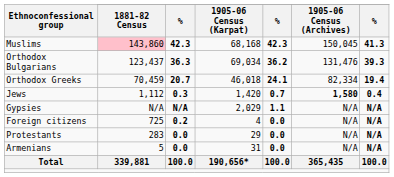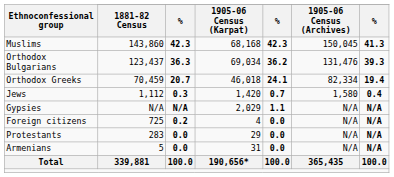 <table class="wikitable sortable" style="text-align:center;">
 <tr>
 <th rowspan="2" style="width:105pt;">Ethnoconfessional group</th>
 </tr>
 <tr>
 <th style="width:75pt;">1881-82 Census</th>
 <th style="width:8pt;">%</th>
 <th style="width:75pt;">1905-06 Census (Karpat)</th>
 <th style="width:8pt;">%</th>
 <th style="width:75pt;">1905-06 Census (Archives)</th>
 <th style="width:8pt;">%</th>
 </tr>
 <tr>
 <td align="left">Muslims</td>
-<td align="right" style="background: pink;">143,860</td>
+<td align="right">143,860</td>
 <td><strong>42.3</strong></td>
 <td align="right">68,168</td>
 <td><strong>42.3</strong></td>
 <td align="right">150,045</td>
 <td><strong>41.3</strong></td>
 </tr>
 <tr>
 <td align="left">Orthodox Bulgarians</td>
 <td align="right">123,437</td>
 <td><strong>36.3</strong></td>
 <td align="right">69,034</td>
 <td><strong>36.2</strong></td>
 <td align="right">131,476</td>
 <td><strong>39.3</strong></td>
 </tr>
 <tr>
 <td align="left">Orthodox Greeks</td>
 <td align="right">70,459</td>
 <td><strong>20.7</strong></td>
 <td align="right">46,018</td>
 <td><strong>24.1</strong></td>
 <td align="right">82,334</td>
 <td><strong>19.4</strong></td>
 </tr>
 <tr>
 <td align="left">Jews</td>
 <td align="right">1,112</td>
 <td><strong>0.3</strong></td>
 <td align="right">1,420</td>
 <td><strong>0.7</strong></td>
-<td align="right"><strong>1,580</strong></td>
+<td align="right">1,580</td>
 <td><strong>0.4</strong></td>
 </tr>
 <tr>
 <td align="left">Gypsies</td>
 <td align="right">N/A</td>
 <td><strong>N/A</strong></td>
 <td align="right">2,029</td>
 <td><strong>1.1</strong></td>
 <td align="right">N/A</td>
 <td><strong>N/A</strong></td>
 </tr>
 <tr>
 <td align="left">Foreign citizens</td>
 <td align="right">725</td>
 <td><strong>0.2</strong></td>
 <td align="right">4</td>
 <td><strong>0.0</strong></td>
 <td align="right">N/A</td>
 <td><strong>N/A</strong></td>
 </tr>
 <tr>
 <td align="left">Protestants</td>
 <td align="right">283</td>
 <td><strong>0.0</strong></td>
 <td align="right">29</td>
 <td><strong>0.0</strong></td>
 <td align="right">N/A</td>
 <td><strong>N/A</strong></td>
 </tr>
 <tr>
 <td align="left">Armenians</td>
 <td align="right">5</td>
 <td><strong>0.0</strong></td>
 <td align="right">31</td>
 <td><strong>0.0</strong></td>
 <td align="right">N/A</td>
 <td><strong>N/A</strong></td>
 </tr>
 <tr>
 <th align="left">Total</th>
 <th align="right">339,881</th>
 <th><strong>100.0</strong></th>
 <th align="right">190,656*</th>
 <th><strong>100.0</strong></th>
 <th align="right">365,435</th>
 <th><strong>100.0</strong></th>
 </tr>
 <tr>
 <td colspan="11" align="left"></td>
 </tr>
 </table>
